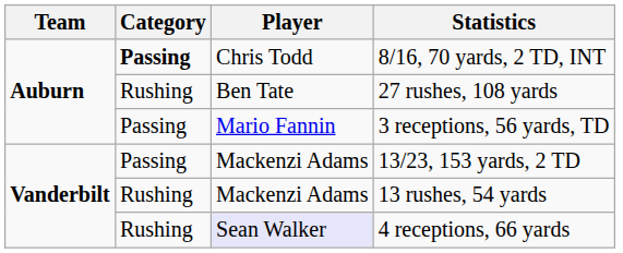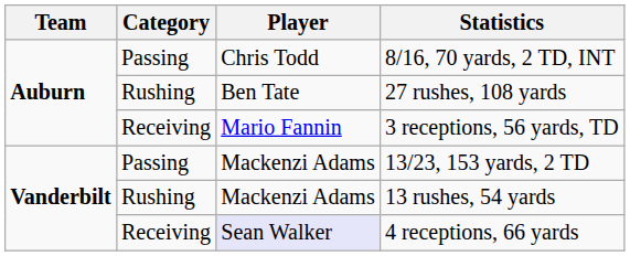 <table class="wikitable" style="float: left;">
 <tr>
 <th>Team</th>
 <th>Category</th>
 <th>Player</th>
 <th>Statistics</th>
 </tr>
 <tr>
 <td rowspan=3><strong>Auburn</strong></td>
-<td><strong>Passing</strong></td>
+<td>Passing</td>
 <td>Chris Todd</td>
 <td>8/16, 70 yards, 2 TD, INT</td>
 </tr>
 <tr>
 <td>Rushing</td>
 <td>Ben Tate</td>
 <td>27 rushes, 108 yards</td>
 </tr>
 <tr>
-<td>Passing</td>
+<td>Receiving</td>
 <td><a href='#'>Mario Fannin</a></td>
 <td>3 receptions, 56 yards, TD</td>
 </tr>
 <tr>
 <td rowspan=3><strong>Vanderbilt</strong></td>
 <td>Passing</td>
 <td>Mackenzi Adams</td>
 <td>13/23, 153 yards, 2 TD</td>
 </tr>
 <tr>
 <td>Rushing</td>
 <td>Mackenzi Adams</td>
 <td>13 rushes, 54 yards</td>
 </tr>
 <tr>
-<td>Rushing</td>
+<td>Receiving</td>
 <td style="background: lavender;">Sean Walker</td>
 <td>4 receptions, 66 yards</td>
 </tr>
 </table>
